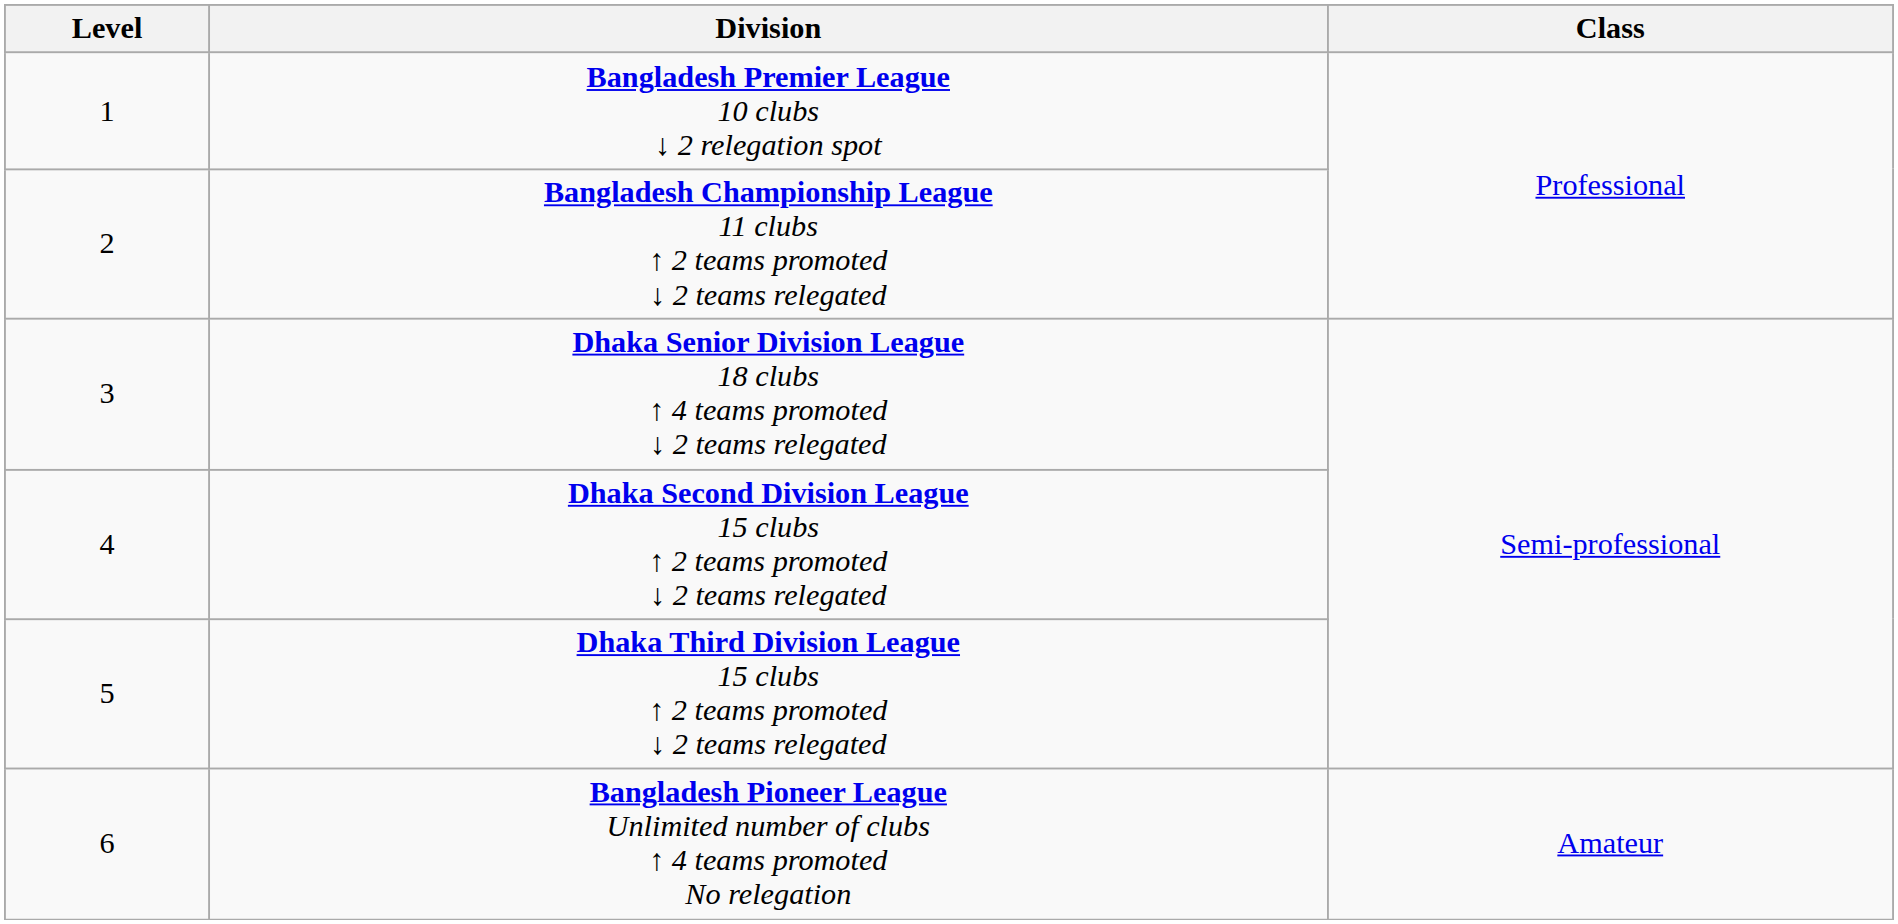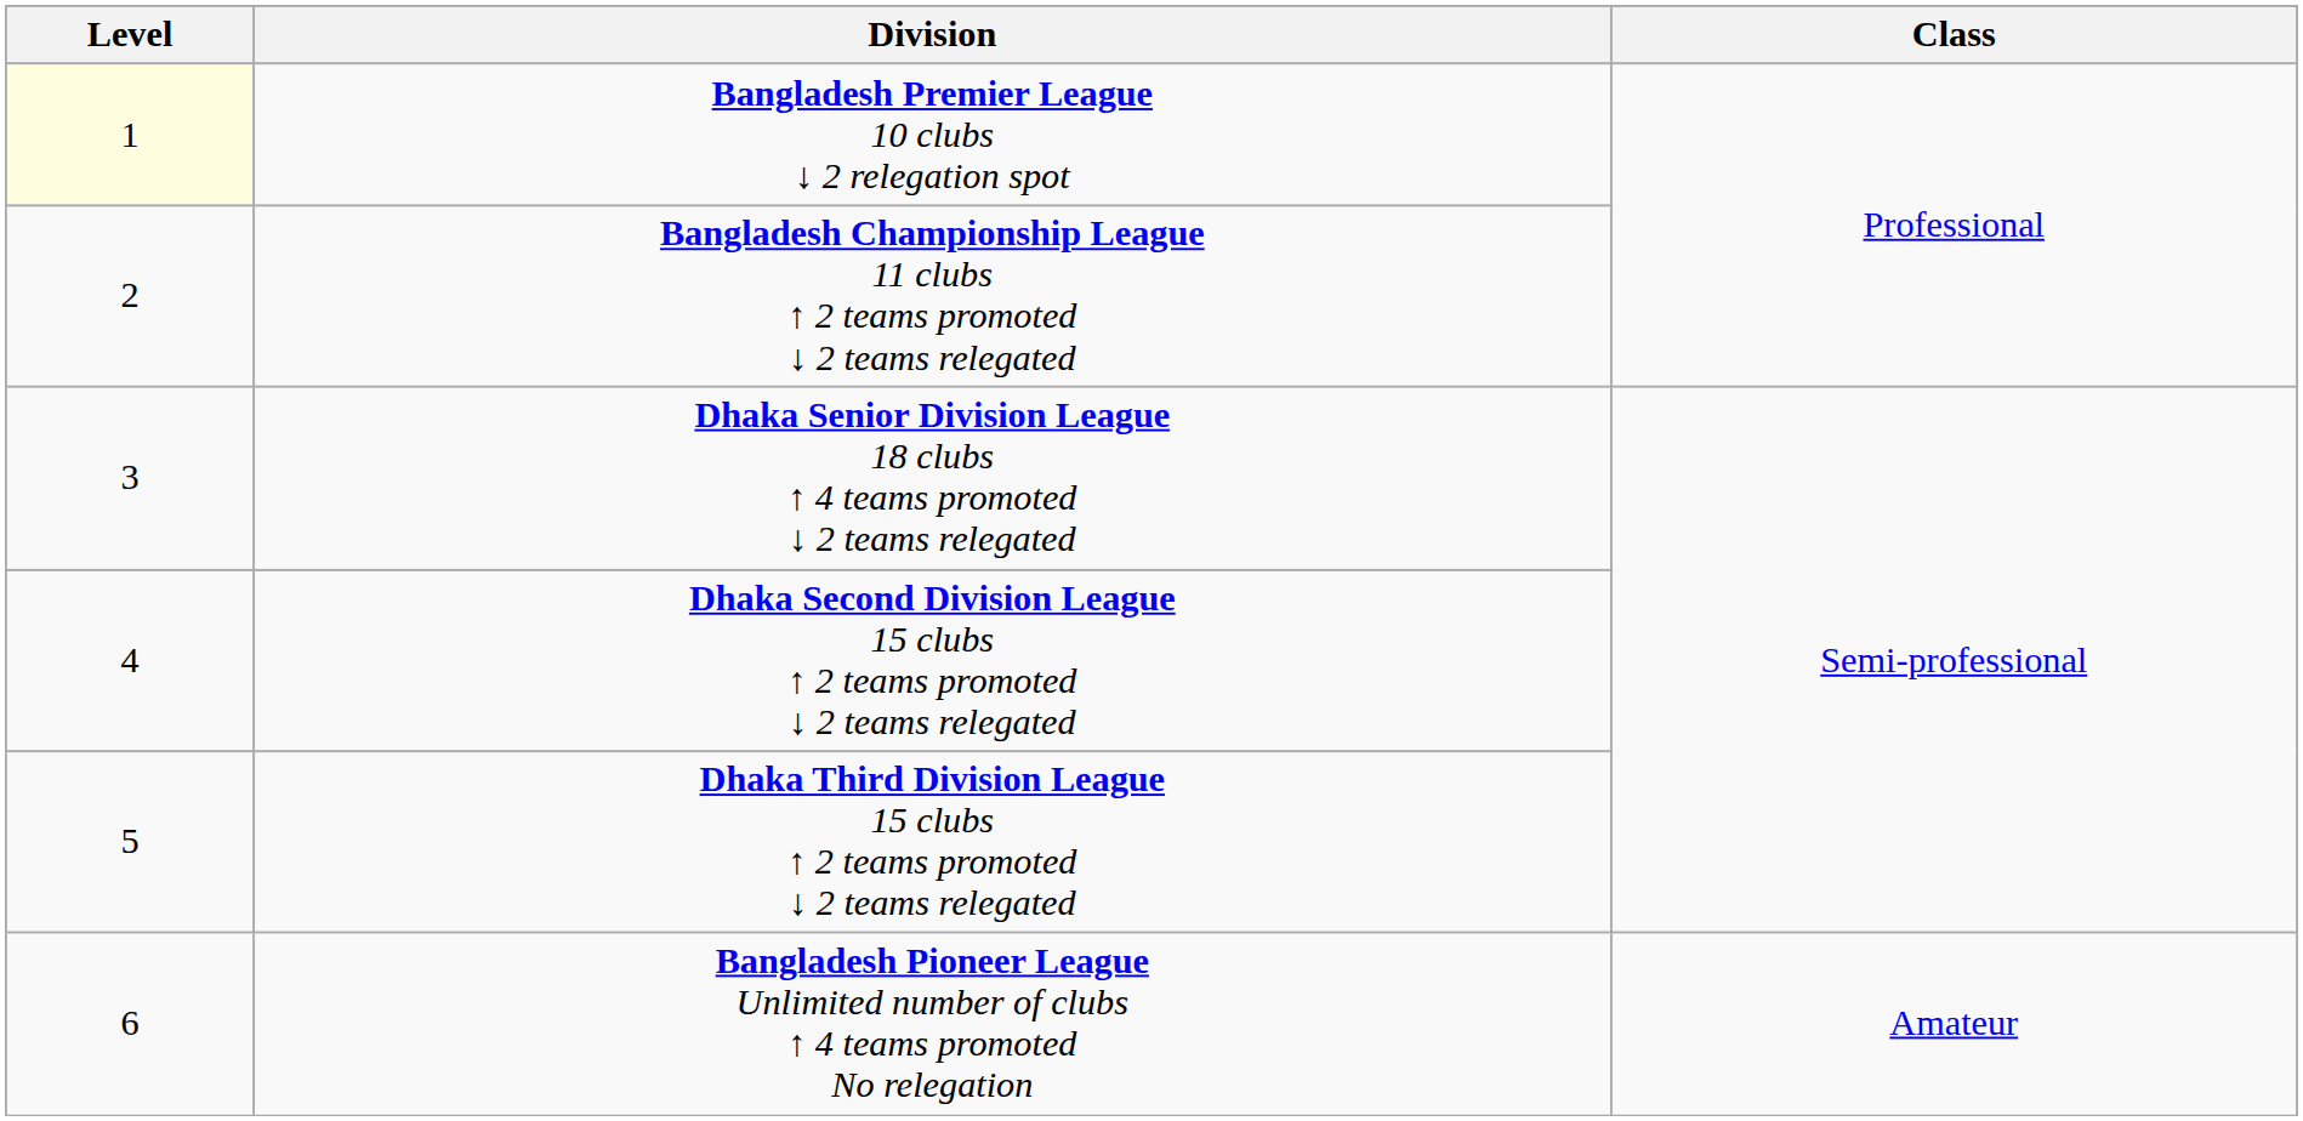 <table class="wikitable" style="text-align: center; width: 1000px">
 <tr>
 <th>Level</th>
 <th>Division</th>
 <th>Class</th>
 </tr>
 <tr>
-<td>1</td>
+<td style="background: lightyellow;">1</td>
 <td><strong><a href='#'>Bangladesh Premier League</a></strong><br> <em>10 clubs</em><br> <em>↓ 2 relegation spot</em></td>
 <td rowspan=2><a href='#'>Professional</a></td>
 </tr>
 <tr>
 <td>2</td>
 <td><strong><a href='#'>Bangladesh Championship League</a></strong><br><em>11 clubs</em><br><em>↑ 2 teams promoted</em><br><em>↓ 2 teams relegated</em></td>
 </tr>
 <tr>
 <td>3</td>
 <td><strong><a href='#'>Dhaka Senior Division League</a></strong><br><em>18 clubs</em><br><em>↑ 4 teams promoted</em><br><em>↓ 2 teams relegated</em></td>
 <td rowspan=3><a href='#'>Semi-professional</a></td>
 </tr>
 <tr>
 <td>4</td>
 <td><strong><a href='#'>Dhaka Second Division League</a></strong><br><em>15 clubs</em><br><em>↑ 2 teams promoted</em><br><em>↓ 2 teams relegated</em></td>
 </tr>
 <tr>
 <td>5</td>
 <td><strong><a href='#'>Dhaka Third Division League</a></strong><br><em>15 clubs</em><br><em>↑ 2 teams promoted</em><br><em>↓ 2 teams relegated</em></td>
 </tr>
 <tr>
 <td>6</td>
 <td><strong><a href='#'>Bangladesh Pioneer League</a></strong><br><em>Unlimited number of clubs</em><br><em>↑ 4 teams promoted</em><br><em>No relegation</em></td>
 <td><a href='#'>Amateur</a></td>
 </tr>
 </table>
